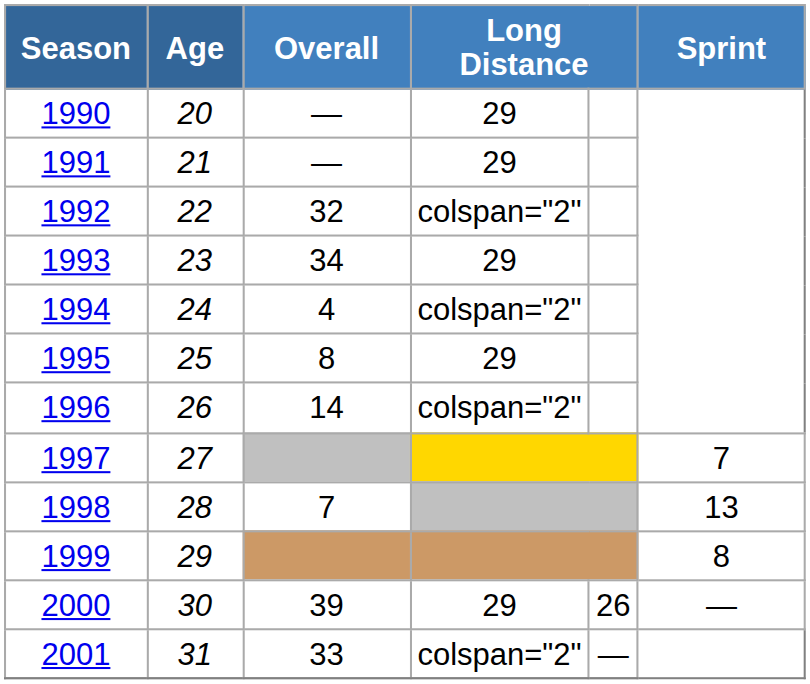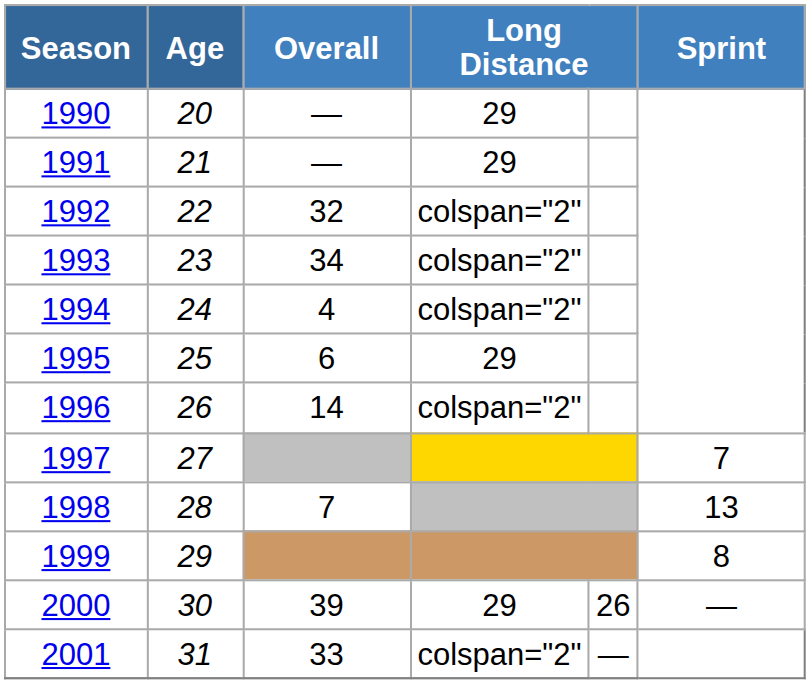 <table class="wikitable" style="font-size:95%; text-align:center; border:grey solid 1px; border-collapse:collapse; background:#ffffff;">
 <tr>
 <th style="background-color:#369; color:white; width:60px;"> Season </th>
 <th style="background-color:#369; color:white; width:40px;"> Age </th>
 <th style="background-color:#4180be; color:white; width:75px;">Overall</th>
 <th style="background-color:#4180be; color:white; width:100px;" colspan="2">Long Distance</th>
 <th style="background-color:#4180be; color:white; width:75px;">Sprint</th>
 </tr>
 <tr>
 <td><a href='#'>1990</a></td>
 <td><em>20</em></td>
 <td>—</td>
 <td>29</td>
 <td></td>
 </tr>
 <tr>
 <td><a href='#'>1991</a></td>
 <td><em>21</em></td>
 <td>—</td>
 <td>29</td>
 <td></td>
 </tr>
 <tr>
 <td><a href='#'>1992</a></td>
 <td><em>22</em></td>
 <td>32</td>
 <td>colspan="2" </td>
 <td></td>
 </tr>
 <tr>
 <td><a href='#'>1993</a></td>
 <td><em>23</em></td>
 <td>34</td>
-<td>29</td>
+<td>colspan="2" </td>
 <td></td>
 </tr>
 <tr>
 <td><a href='#'>1994</a></td>
 <td><em>24</em></td>
 <td>4</td>
 <td>colspan="2" </td>
 <td></td>
 </tr>
 <tr>
 <td><a href='#'>1995</a></td>
 <td><em>25</em></td>
-<td>8</td>
+<td>6</td>
 <td>29</td>
 <td></td>
 </tr>
 <tr>
 <td><a href='#'>1996</a></td>
 <td><em>26</em></td>
 <td>14</td>
 <td>colspan="2" </td>
 <td></td>
 </tr>
 <tr>
 <td><a href='#'>1997</a></td>
 <td><em>27</em></td>
 <td style="background:silver;"></td>
 <td colspan="2" style="background:gold;"></td>
 <td>7</td>
 </tr>
 <tr>
 <td><a href='#'>1998</a></td>
 <td><em>28</em></td>
 <td>7</td>
 <td colspan="2" style="background:silver;"></td>
 <td>13</td>
 </tr>
 <tr>
 <td><a href='#'>1999</a></td>
 <td><em>29</em></td>
 <td style="background:#c96;"></td>
 <td colspan="2" style="background:#c96;"></td>
 <td>8</td>
 </tr>
 <tr>
 <td><a href='#'>2000</a></td>
 <td><em>30</em></td>
 <td>39</td>
 <td>29</td>
 <td>26</td>
 <td>—</td>
 </tr>
 <tr>
 <td><a href='#'>2001</a></td>
 <td><em>31</em></td>
 <td>33</td>
 <td>colspan="2" </td>
 <td>—</td>
 </tr>
 <tr>
 </tr>
 </table>
